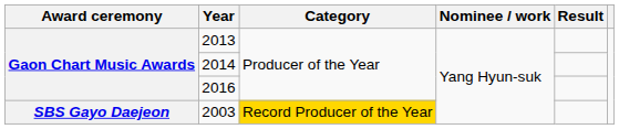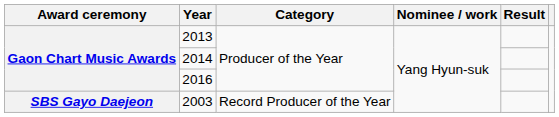 <table class="wikitable plainrowheaders sortable" style="margin-right: 0;">
 <tr>
 <th scope="col">Award ceremony</th>
 <th scope="col">Year</th>
 <th scope="col">Category</th>
 <th scope="col">Nominee / work</th>
 <th scope="col">Result</th>
 <th scope="col" class="unsortable"></th>
 </tr>
 <tr>
 <th scope="row" rowspan="3"><a href='#'>Gaon Chart Music Awards</a></th>
 <td style="text-align:center">2013</td>
 <td rowspan="3">Producer of the Year</td>
 <td rowspan="4">Yang Hyun-suk</td>
 <td></td>
 <td style="text-align:center" rowspan="4"></td>
 </tr>
 <tr>
 <td style="text-align:center">2014</td>
 <td></td>
 </tr>
 <tr>
 <td style="text-align:center">2016</td>
 <td></td>
 </tr>
 <tr>
 <th scope="row"><em><a href='#'>SBS Gayo Daejeon</a></em></th>
 <td style="text-align:center">2003</td>
-<td style="background: gold;">Record Producer of the Year</td>
+<td>Record Producer of the Year</td>
 <td></td>
 </tr>
 </table>
